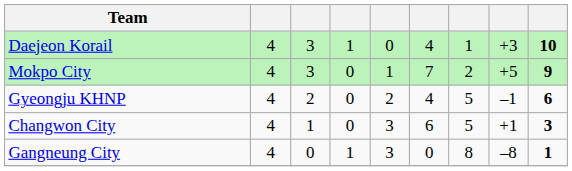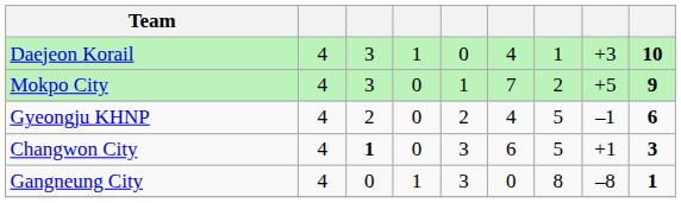 <table class="wikitable" style="text-align:center;">
 <tr>
 <th width=225>Team</th>
 <th width=30></th>
 <th width=30></th>
 <th width=30></th>
 <th width=30></th>
 <th width=30></th>
 <th width=30></th>
 <th width=30></th>
 <th width=30></th>
 </tr>
 <tr bgcolor=#bbf3bb>
 <td align=left><a href='#'>Daejeon Korail</a></td>
 <td>4</td>
 <td>3</td>
 <td>1</td>
 <td>0</td>
 <td>4</td>
 <td>1</td>
 <td>+3</td>
 <td><strong>10</strong></td>
 </tr>
 <tr bgcolor=#bbf3bb>
 <td align=left><a href='#'>Mokpo City</a></td>
 <td>4</td>
 <td>3</td>
 <td>0</td>
 <td>1</td>
 <td>7</td>
 <td>2</td>
 <td>+5</td>
 <td><strong>9</strong></td>
 </tr>
 <tr>
 <td align=left><a href='#'>Gyeongju KHNP</a></td>
 <td>4</td>
 <td>2</td>
 <td>0</td>
 <td>2</td>
 <td>4</td>
 <td>5</td>
 <td>–1</td>
 <td><strong>6</strong></td>
 </tr>
 <tr>
 <td align=left><a href='#'>Changwon City</a></td>
 <td>4</td>
-<td>1</td>
+<td><strong>1</strong></td>
 <td>0</td>
 <td>3</td>
 <td>6</td>
 <td>5</td>
 <td>+1</td>
 <td><strong>3</strong></td>
 </tr>
 <tr>
 <td align=left><a href='#'>Gangneung City</a></td>
 <td>4</td>
 <td>0</td>
 <td>1</td>
 <td>3</td>
 <td>0</td>
 <td>8</td>
 <td>–8</td>
 <td><strong>1</strong></td>
 </tr>
 <tr>
 </tr>
 </table>
